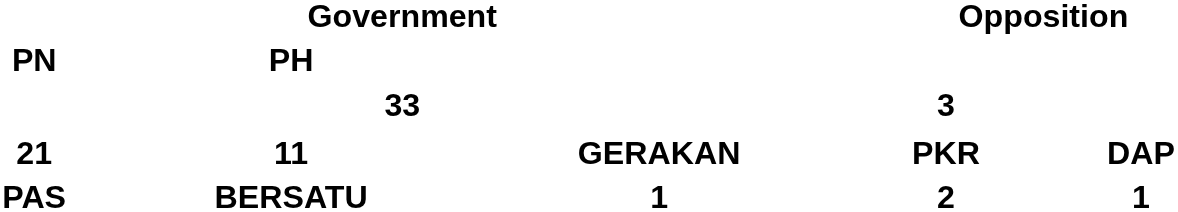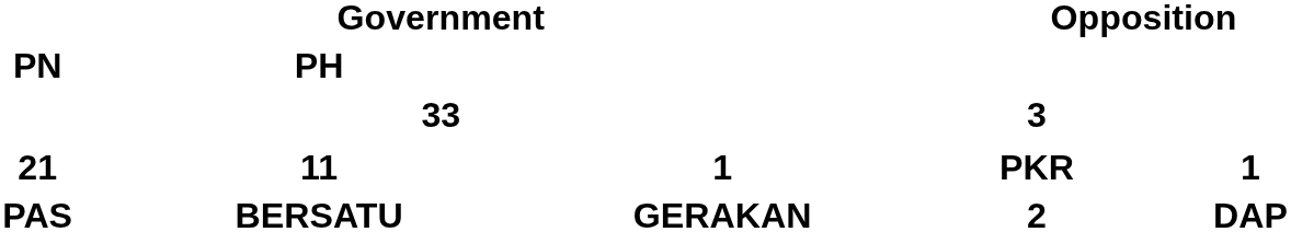 <table style="width:40em;">
 <tr style="text-align:center;">
 <td colspan="3" style="color:"><strong>Government</strong></td>
 <td colspan="2" style="color:"><strong>Opposition</strong></td>
 </tr>
 <tr style="text-align:center;">
 <td style="color:"><strong>PN</strong></td>
 <td style="color:"><strong>PH</strong></td>
 </tr>
 <tr style="text-align:center;">
 <td colspan="3" style="background:"><strong>33</strong></td>
 <td style="background:"><strong>3</strong></td>
 </tr>
 <tr>
 </tr>
 <tr style="text-align:center;">
 <td style="background:"><strong>21</strong></td>
 <td style="background:"><strong>11</strong></td>
-<td style="color:"><strong>GERAKAN</strong></td>
+<td style="background:"><strong>1</strong></td>
 <td style="color:"><strong>PKR</strong></td>
-<td style="color:"><strong>DAP</strong></td>
+<td style="background:"><strong>1</strong></td>
 </tr>
 <tr style="text-align:center;">
 <td style="color:"><strong>PAS</strong></td>
 <td style="color:"><strong>BERSATU</strong></td>
-<td style="background:"><strong>1</strong></td>
+<td style="color:"><strong>GERAKAN</strong></td>
 <td style="background:"><strong>2</strong></td>
-<td style="background:"><strong>1</strong></td>
+<td style="color:"><strong>DAP</strong></td>
 </tr>
 </table>
